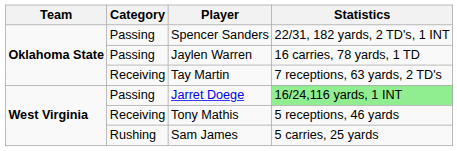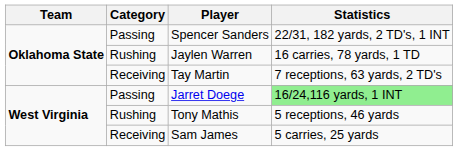 <table class="wikitable" style="float: right;">
 <tr>
 <th>Team</th>
 <th>Category</th>
 <th>Player</th>
 <th>Statistics</th>
 </tr>
 <tr>
 <td rowspan=3><strong>Oklahoma State</strong></td>
 <td>Passing</td>
 <td>Spencer Sanders</td>
 <td>22/31, 182 yards, 2 TD's, 1 INT</td>
 </tr>
 <tr>
-<td>Passing</td>
+<td>Rushing</td>
 <td>Jaylen Warren</td>
 <td>16 carries, 78 yards, 1 TD</td>
 </tr>
 <tr>
 <td>Receiving</td>
 <td>Tay Martin</td>
 <td>7 receptions, 63 yards, 2 TD's</td>
 </tr>
 <tr>
 <td rowspan=3><strong>West Virginia</strong></td>
 <td>Passing</td>
 <td><a href='#'>Jarret Doege</a></td>
 <td style="background: lightgreen;">16/24,116 yards, 1 INT</td>
 </tr>
 <tr>
-<td>Receiving</td>
+<td>Rushing</td>
 <td>Tony Mathis</td>
 <td>5 receptions, 46 yards</td>
 </tr>
 <tr>
-<td>Rushing</td>
+<td>Receiving</td>
 <td>Sam James</td>
 <td>5 carries, 25 yards</td>
 </tr>
 </table>
